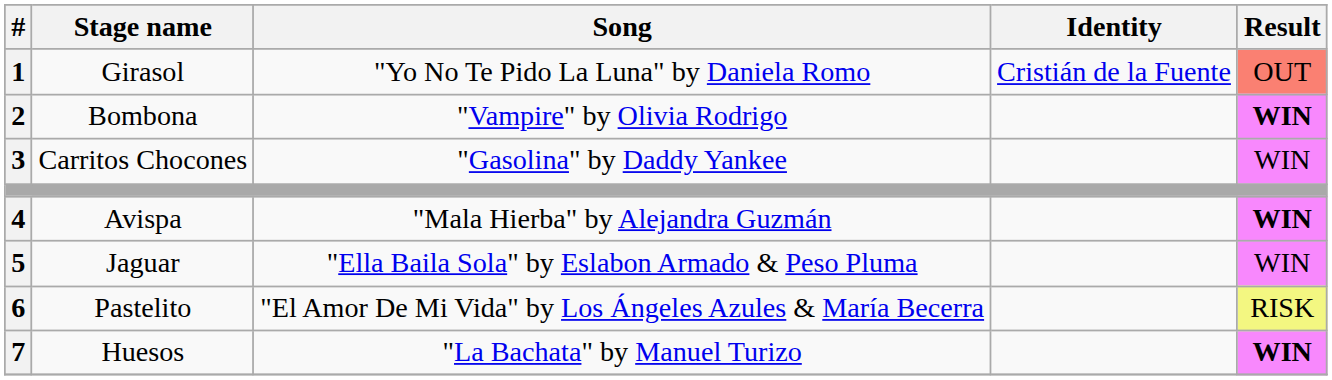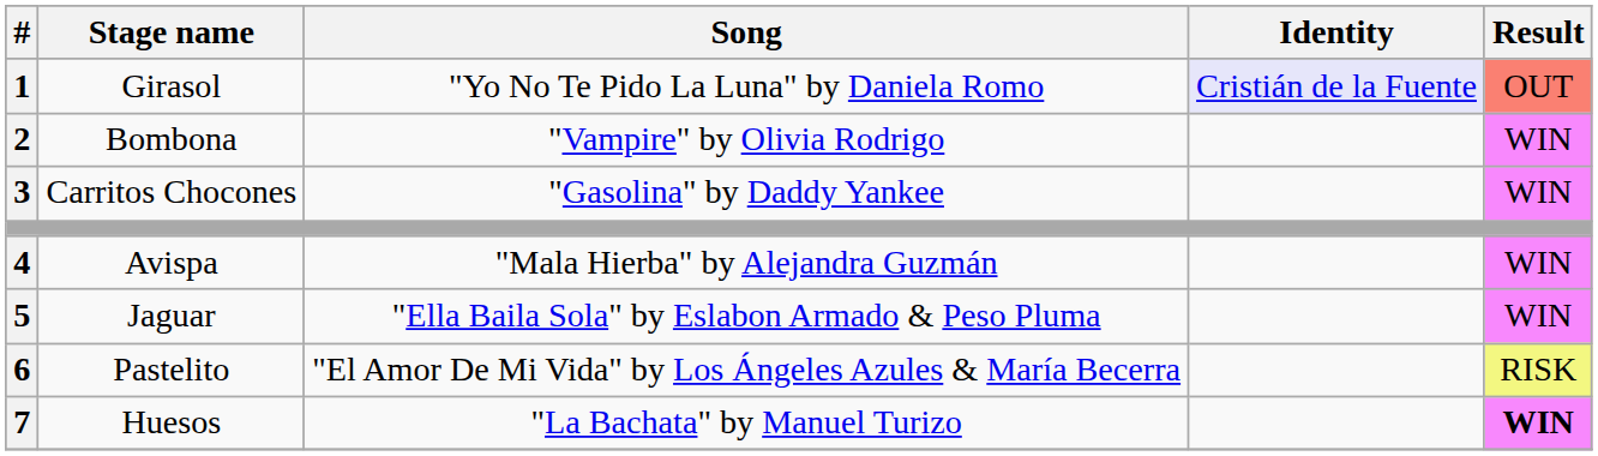 <table class="wikitable plainrowheaders" style="text-align: center;">
 <tr>
 <th>#</th>
 <th>Stage name</th>
 <th>Song</th>
 <th>Identity</th>
 <th>Result</th>
 </tr>
 <tr>
 <th>1</th>
 <td>Girasol</td>
 <td>"Yo No Te Pido La Luna" by <a href='#'>Daniela Romo</a></td>
-<td><a href='#'>Cristián de la Fuente</a></td>
+<td style="background: lavender;"><a href='#'>Cristián de la Fuente</a></td>
 <td bgcolor=salmon>OUT</td>
 </tr>
 <tr>
 <th>2</th>
 <td>Bombona</td>
 <td>"<a href='#'>Vampire</a>" by <a href='#'>Olivia Rodrigo</a></td>
 <td></td>
-<td bgcolor=#F888FD><strong>WIN</strong></td>
+<td bgcolor=#F888FD>WIN</td>
 </tr>
 <tr>
 <th>3</th>
 <td>Carritos Chocones</td>
 <td>"<a href='#'>Gasolina</a>" by <a href='#'>Daddy Yankee</a></td>
 <td></td>
 <td bgcolor=#F888FD>WIN</td>
 </tr>
 <tr>
 <td colspan="5" style="background:darkgray"></td>
 </tr>
 <tr>
 <th>4</th>
 <td>Avispa</td>
 <td>"Mala Hierba" by <a href='#'>Alejandra Guzmán</a></td>
 <td></td>
-<td bgcolor=#F888FD><strong>WIN</strong></td>
+<td bgcolor=#F888FD>WIN</td>
 </tr>
 <tr>
 <th>5</th>
 <td>Jaguar</td>
 <td>"<a href='#'>Ella Baila Sola</a>" by <a href='#'>Eslabon Armado</a> & <a href='#'>Peso Pluma</a></td>
 <td></td>
 <td bgcolor=#F888FD>WIN</td>
 </tr>
 <tr>
 <th>6</th>
 <td>Pastelito</td>
 <td>"El Amor De Mi Vida" by <a href='#'>Los Ángeles Azules</a> & <a href='#'>María Becerra</a></td>
 <td></td>
 <td bgcolor=#F3F781>RISK</td>
 </tr>
 <tr>
 <th>7</th>
 <td>Huesos</td>
 <td>"<a href='#'>La Bachata</a>" by <a href='#'>Manuel Turizo</a></td>
 <td></td>
 <td bgcolor=#F888FD><strong>WIN</strong></td>
 </tr>
 <tr>
 </tr>
 </table>
